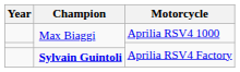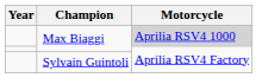 <table class="wikitable">
 <tr>
 <th>Year</th>
 <th>Champion</th>
 <th>Motorcycle</th>
 </tr>
 <tr>
 <td></td>
 <td rowspan="2"> <a href='#'>Max Biaggi</a></td>
-<td><a href='#'>Aprilia RSV4 1000</a></td>
+<td style="background: lightgrey;"><a href='#'>Aprilia RSV4 1000</a></td>
 </tr>
 <tr>
 <td></td>
 <td rowspan="2"><a href='#'>Aprilia RSV4 Factory</a></td>
 </tr>
 <tr>
 <td></td>
-<td><strong> <a href='#'>Sylvain Guintoli</a></strong></td>
+<td> <a href='#'>Sylvain Guintoli</a></td>
 </tr>
 </table>
